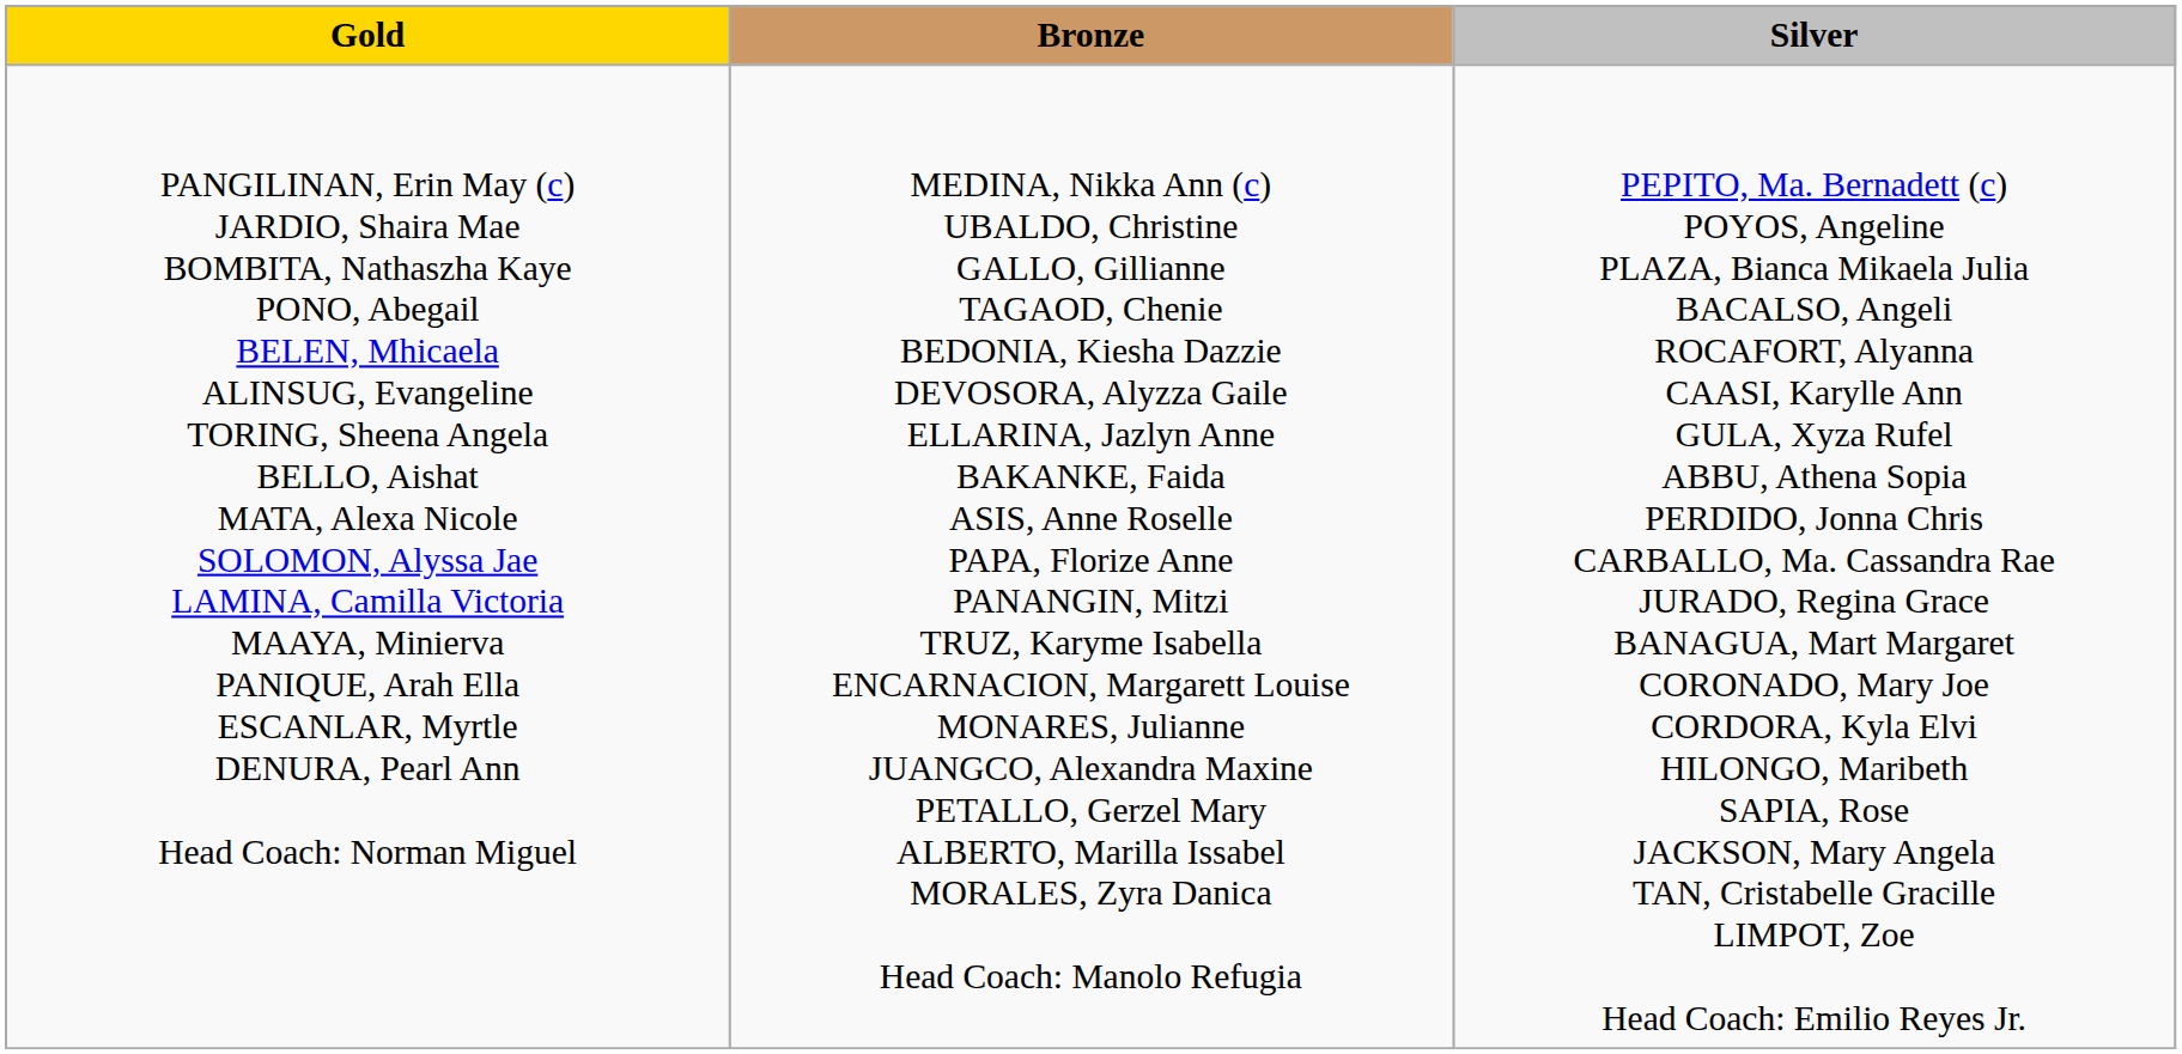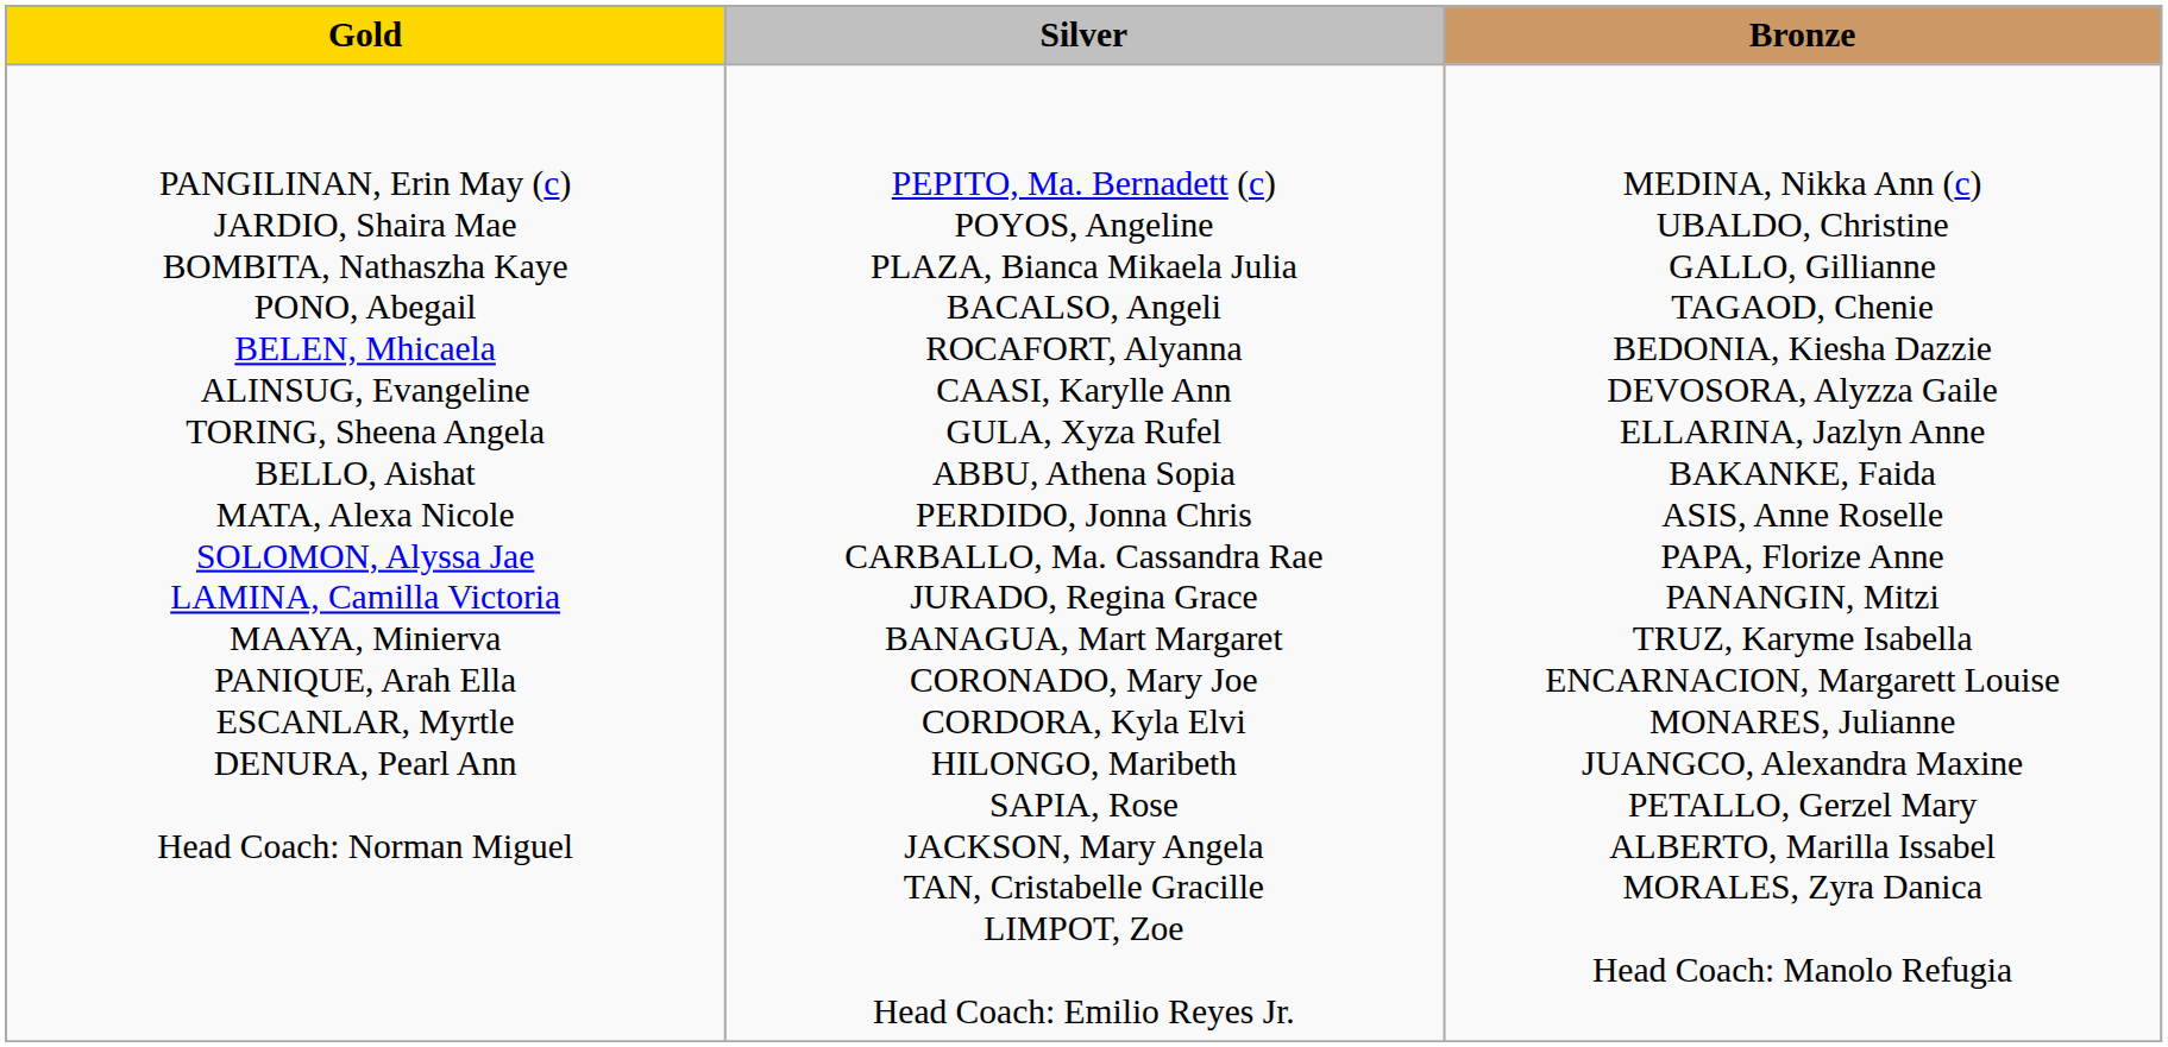 <table class="wikitable" style="text-align:center; font-size:90%">
 <tr>
 <th style="width:20em; background:gold">Gold</th>
+<th style="width:20em; background:silver">Silver</th>
 <th style="width:20em; background:#cc9966">Bronze</th>
-<th style="width:20em; background:silver">Silver</th>
 </tr>
 <tr valign="top">
 <td><big><strong></strong></big><br><br>PANGILINAN, Erin May (<a href='#'>c</a>)<br> JARDIO, Shaira Mae<br> BOMBITA, Nathaszha Kaye<br> PONO, Abegail<br> <a href='#'>BELEN, Mhicaela</a><br> ALINSUG, Evangeline<br> TORING, Sheena Angela<br> BELLO, Aishat<br> MATA, Alexa Nicole<br> <a href='#'>SOLOMON, Alyssa Jae</a><br> <a href='#'>LAMINA, Camilla Victoria</a><br> MAAYA, Minierva<br> PANIQUE, Arah Ella<br> ESCANLAR, Myrtle<br> DENURA, Pearl Ann<br><br>Head Coach: Norman Miguel</td>
+<td><big></big><br><br><a href='#'>PEPITO,  Ma. Bernadett</a> (<a href='#'>c</a>)<br> POYOS, Angeline<br> PLAZA, Bianca Mikaela Julia<br> BACALSO, Angeli<br> ROCAFORT, Alyanna<br> CAASI, Karylle Ann<br> GULA, Xyza Rufel<br> ABBU, Athena Sopia<br> PERDIDO, Jonna Chris<br> CARBALLO, Ma. Cassandra Rae<br> JURADO, Regina Grace<br> BANAGUA, Mart Margaret<br> CORONADO, Mary Joe<br> CORDORA, Kyla Elvi<br> HILONGO, Maribeth<br> SAPIA, Rose<br> JACKSON, Mary Angela<br> TAN, Cristabelle Gracille<br> LIMPOT, Zoe<br><br>Head Coach: Emilio Reyes Jr.</td>
 <td><big></big><br><br>MEDINA, Nikka Ann (<a href='#'>c</a>)<br> UBALDO, Christine<br> GALLO, Gillianne<br> TAGAOD, Chenie<br> BEDONIA, Kiesha Dazzie<br> DEVOSORA, Alyzza Gaile<br> ELLARINA, Jazlyn Anne<br> BAKANKE, Faida<br> ASIS, Anne Roselle<br> PAPA, Florize Anne<br> PANANGIN, Mitzi<br> TRUZ, Karyme Isabella<br> ENCARNACION, Margarett Louise<br> MONARES, Julianne<br> JUANGCO, Alexandra Maxine<br> PETALLO, Gerzel Mary<br> ALBERTO, Marilla Issabel<br> MORALES, Zyra Danica<br><br>Head Coach: Manolo Refugia</td>
-<td><big></big><br><br><a href='#'>PEPITO,  Ma. Bernadett</a> (<a href='#'>c</a>)<br> POYOS, Angeline<br> PLAZA, Bianca Mikaela Julia<br> BACALSO, Angeli<br> ROCAFORT, Alyanna<br> CAASI, Karylle Ann<br> GULA, Xyza Rufel<br> ABBU, Athena Sopia<br> PERDIDO, Jonna Chris<br> CARBALLO, Ma. Cassandra Rae<br> JURADO, Regina Grace<br> BANAGUA, Mart Margaret<br> CORONADO, Mary Joe<br> CORDORA, Kyla Elvi<br> HILONGO, Maribeth<br> SAPIA, Rose<br> JACKSON, Mary Angela<br> TAN, Cristabelle Gracille<br> LIMPOT, Zoe<br><br>Head Coach: Emilio Reyes Jr.</td>
 </tr>
 </table>
